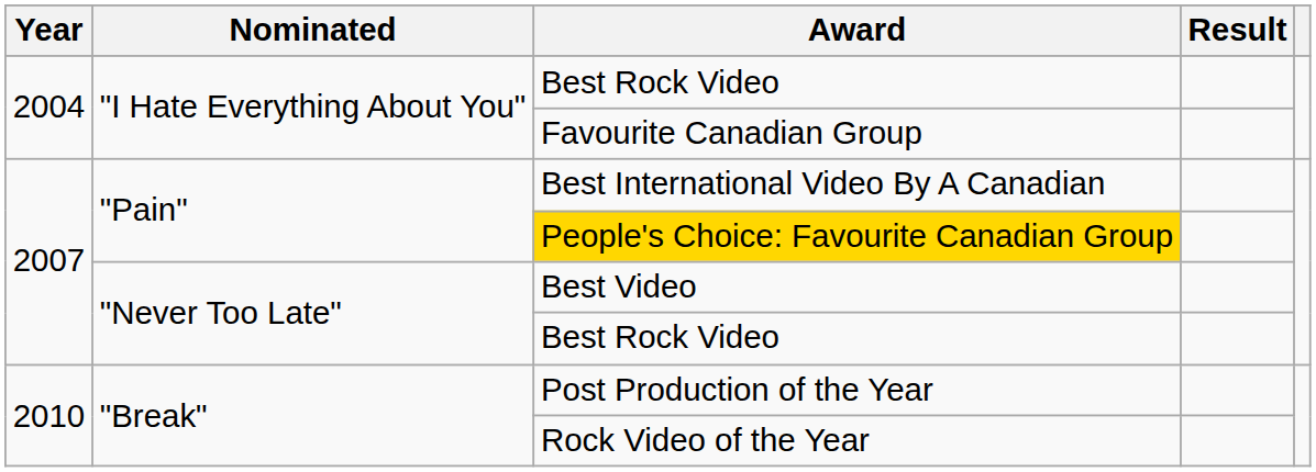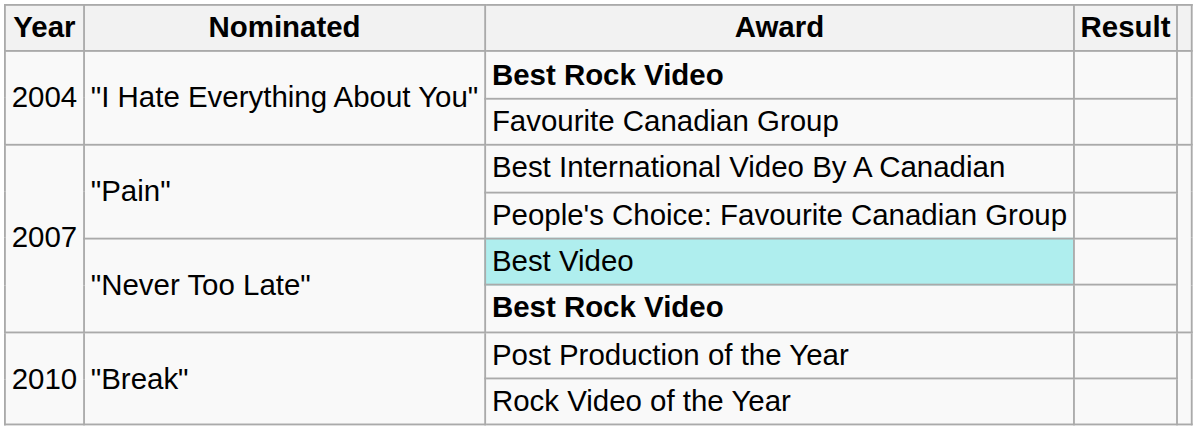 <table class="wikitable">
 <tr>
 <th>Year</th>
 <th>Nominated</th>
 <th>Award</th>
 <th>Result</th>
 <th></th>
 </tr>
 <tr>
 <td rowspan="2">2004</td>
 <td rowspan="2">"I Hate Everything About You"</td>
-<td>Best Rock Video</td>
+<td><strong>Best Rock Video</strong></td>
 <td></td>
 <td style="text-align:center;" rowspan="2"></td>
 </tr>
 <tr>
 <td>Favourite Canadian Group</td>
 <td></td>
 </tr>
 <tr>
 <td rowspan="4">2007</td>
 <td rowspan="2">"Pain"</td>
 <td>Best International Video By A Canadian</td>
 <td></td>
 <td style="text-align:center;" rowspan="4"></td>
 </tr>
 <tr>
-<td style="background: gold;">People's Choice: Favourite Canadian Group</td>
+<td>People's Choice: Favourite Canadian Group</td>
 <td></td>
 </tr>
 <tr>
 <td rowspan="2">"Never Too Late"</td>
-<td>Best Video</td>
+<td style="background: paleturquoise;">Best Video</td>
 <td></td>
 </tr>
 <tr>
-<td>Best Rock Video</td>
+<td><strong>Best Rock Video</strong></td>
 <td></td>
 </tr>
 <tr>
 <td rowspan="2">2010</td>
 <td rowspan="2">"Break"</td>
 <td>Post Production of the Year</td>
 <td></td>
 <td style="text-align:center;" rowspan="2"></td>
 </tr>
 <tr>
 <td>Rock Video of the Year</td>
 <td></td>
 </tr>
 </table>
